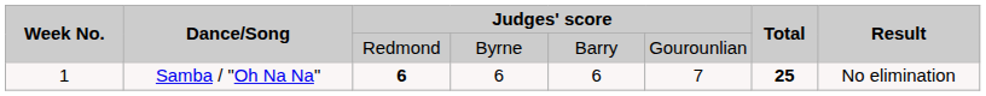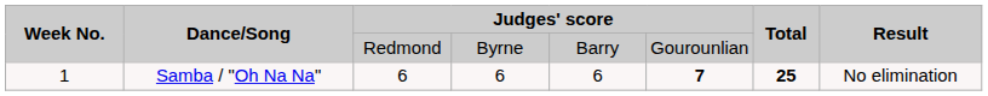 <table class="wikitable collapsible">
 <tr>
 <th rowspan="2" style="background:#ccc; text-align:Center;"><strong>Week No.</strong></th>
 <th rowspan="2" style="background:#ccc; text-align:Center;"><strong>Dance/Song</strong></th>
 <th colspan="4" style="background:#ccc; text-align:Center;"><strong>Judges' score</strong></th>
 <th rowspan="2" style="background:#ccc; text-align:Center;"><strong>Total</strong></th>
 <th rowspan="2" style="background:#ccc; text-align:Center;"><strong>Result</strong></th>
 </tr>
 <tr style="text-align:center; background:#ccc;">
 <td style="width:10%; ">Redmond</td>
 <td style="width:10%; ">Byrne</td>
 <td style="width:10%; ">Barry</td>
 <td style="width:10%; ">Gourounlian</td>
 </tr>
 <tr style="text-align:center; background:#faf6f6;">
 <td>1</td>
 <td><a href='#'>Samba</a> / "<a href='#'>Oh Na Na</a>"</td>
-<td><strong>6</strong></td>
 <td>6</td>
 <td>6</td>
-<td>7</td>
+<td>6</td>
+<td><strong>7</strong></td>
 <td><strong>25</strong></td>
 <td>No elimination</td>
 </tr>
 </table>
